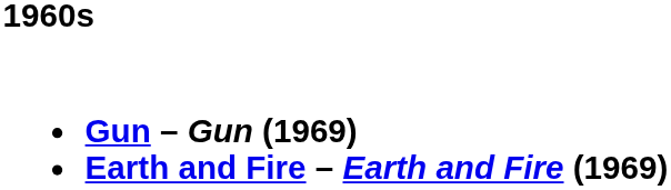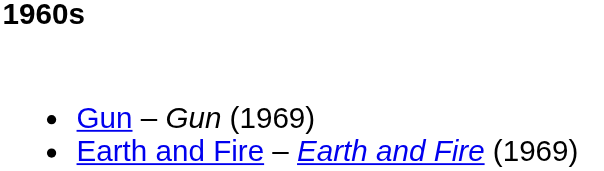 <table class="collapsible collapsed" border="0" style="width:50%">
 <tr>
 <th style="width:50em; text-align:left"><strong>1960s</strong></th>
 <th></th>
 </tr>
 <tr>
-<td><strong><br><ul><li><a href='#'>Gun</a> – <em>Gun</em> (1969)</li><li><a href='#'>Earth and Fire</a> – <em><a href='#'>Earth and Fire</a></em> (1969)</li></ul></strong></td>
+<td><br><ul><li><a href='#'>Gun</a> – <em>Gun</em> (1969)</li><li><a href='#'>Earth and Fire</a> – <em><a href='#'>Earth and Fire</a></em> (1969)</li></ul></td>
 </tr>
 </table>
